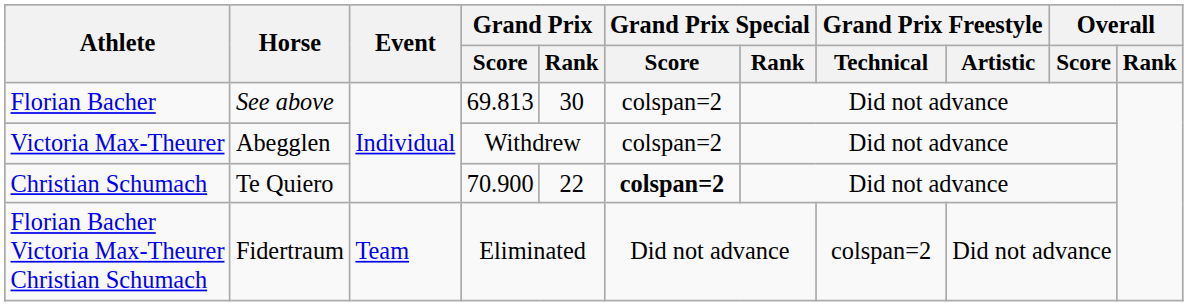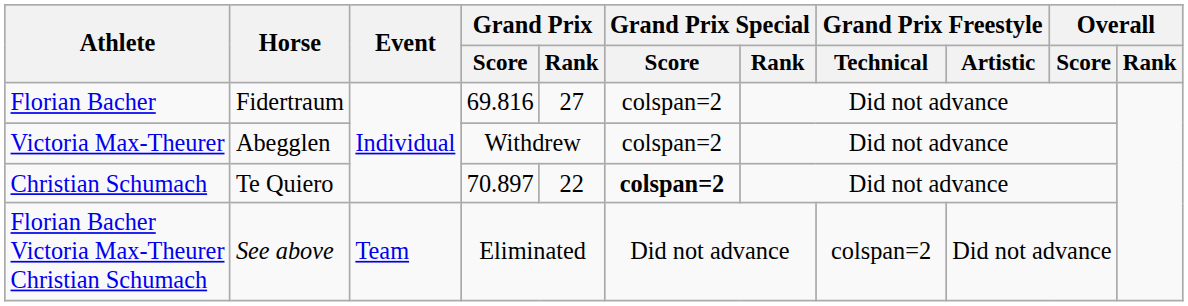 <table class=wikitable style=font-size:90%;>
 <tr>
 <th rowspan="2">Athlete</th>
 <th rowspan="2">Horse</th>
 <th rowspan="2">Event</th>
 <th colspan="2">Grand Prix</th>
 <th colspan="2">Grand Prix Special</th>
 <th colspan="2">Grand Prix Freestyle</th>
 <th colspan="2">Overall</th>
 </tr>
 <tr style="font-size:95%">
 <th>Score</th>
 <th>Rank</th>
 <th>Score</th>
 <th>Rank</th>
 <th>Technical</th>
 <th>Artistic</th>
 <th>Score</th>
 <th>Rank</th>
 </tr>
 <tr align=center>
 <td align=left><a href='#'>Florian Bacher</a></td>
-<td align=left><em>See above</em></td>
+<td align=left>Fidertraum</td>
 <td rowspan=3 align=left><a href='#'>Individual</a></td>
-<td>69.813</td>
-<td>30</td>
+<td>69.816</td>
+<td>27</td>
 <td>colspan=2 </td>
 <td colspan=4>Did not advance</td>
 </tr>
 <tr align=center>
 <td align=left><a href='#'>Victoria Max-Theurer</a></td>
 <td align=left>Abegglen</td>
 <td colspan=2>Withdrew</td>
 <td>colspan=2 </td>
 <td colspan=4>Did not advance</td>
 </tr>
 <tr align=center>
 <td align=left><a href='#'>Christian Schumach</a></td>
 <td align=left>Te Quiero</td>
-<td>70.900</td>
+<td>70.897</td>
 <td>22</td>
 <td><strong>colspan=2 </strong></td>
 <td colspan=4>Did not advance</td>
 </tr>
 <tr align=center>
 <td align=left><a href='#'>Florian Bacher</a><br><a href='#'>Victoria Max-Theurer</a><br><a href='#'>Christian Schumach</a></td>
-<td align=left>Fidertraum</td>
+<td align=left><em>See above</em></td>
 <td align=left><a href='#'>Team</a></td>
 <td colspan=2>Eliminated</td>
 <td colspan=2>Did not advance</td>
 <td>colspan=2 </td>
 <td colspan=2>Did not advance</td>
 </tr>
 </table>
